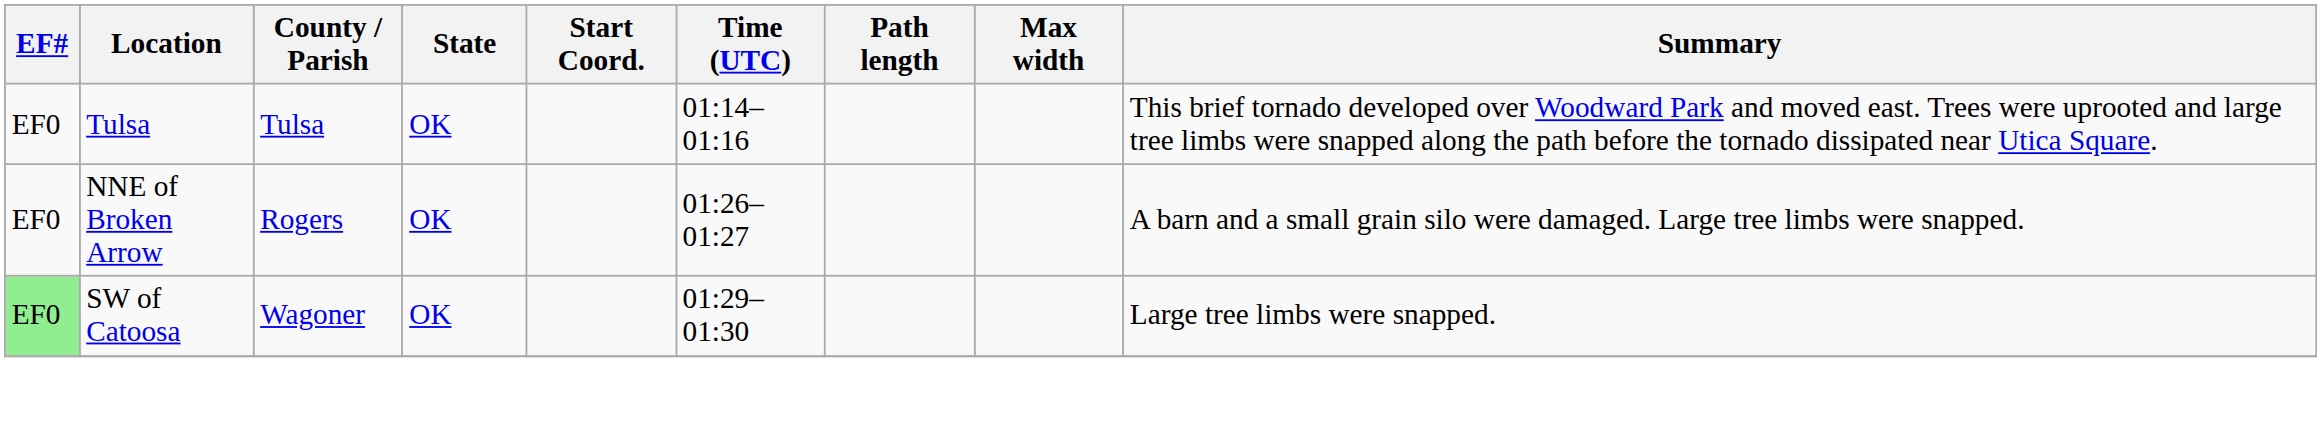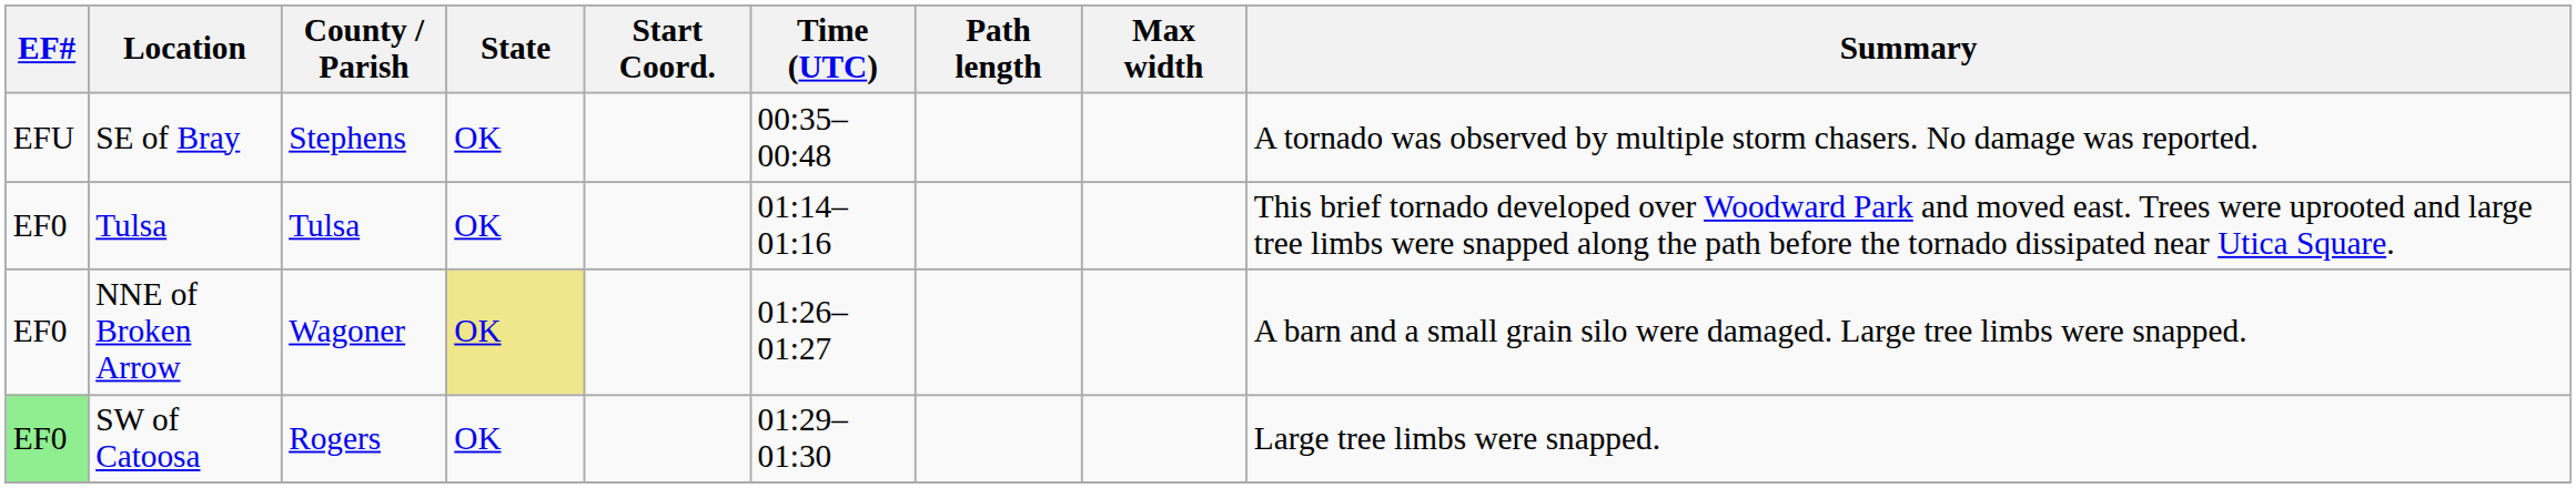 <table class="wikitable sortable" style="width:100%;">
 <tr>
 <th scope="col"  style="width:3%; text-align:center;"><a href='#'>EF#</a></th>
 <th scope="col"  style="width:7%; text-align:center;" class="unsortable">Location</th>
 <th scope="col"  style="width:6%; text-align:center;" class="unsortable">County / Parish</th>
 <th scope="col"  style="width:5%; text-align:center;">State</th>
 <th scope="col"  style="width:6%; text-align:center;">Start Coord.</th>
 <th scope="col"  style="width:6%; text-align:center;">Time (<a href='#'>UTC</a>)</th>
 <th scope="col"  style="width:6%; text-align:center;">Path length</th>
 <th scope="col"  style="width:6%; text-align:center;">Max width</th>
 <th scope="col" class="unsortable" style="width:48%; text-align:center;">Summary</th>
+</tr>
+<tr>
+<td>EFU</td>
+<td>SE of <a href='#'>Bray</a></td>
+<td><a href='#'>Stephens</a></td>
+<td><a href='#'>OK</a></td>
+<td></td>
+<td>00:35–00:48</td>
+<td></td>
+<td></td>
+<td>A tornado was observed by multiple storm chasers. No damage was reported.</td>
 </tr>
 <tr>
 <td>EF0</td>
 <td><a href='#'>Tulsa</a></td>
 <td><a href='#'>Tulsa</a></td>
 <td><a href='#'>OK</a></td>
 <td></td>
 <td>01:14–01:16</td>
 <td></td>
 <td></td>
 <td>This brief tornado developed over <a href='#'>Woodward Park</a> and moved east. Trees were uprooted and large tree limbs were snapped along the path before the tornado dissipated near <a href='#'>Utica Square</a>.</td>
 </tr>
 <tr>
 <td>EF0</td>
 <td>NNE of <a href='#'>Broken Arrow</a></td>
-<td><a href='#'>Rogers</a></td>
-<td><a href='#'>OK</a></td>
+<td><a href='#'>Wagoner</a></td>
+<td style="background: khaki;"><a href='#'>OK</a></td>
 <td></td>
 <td>01:26–01:27</td>
 <td></td>
 <td></td>
 <td>A barn and a small grain silo were damaged. Large tree limbs were snapped.</td>
 </tr>
 <tr>
 <td style="background: lightgreen;">EF0</td>
 <td>SW of <a href='#'>Catoosa</a></td>
-<td><a href='#'>Wagoner</a></td>
+<td><a href='#'>Rogers</a></td>
 <td><a href='#'>OK</a></td>
 <td></td>
 <td>01:29–01:30</td>
 <td></td>
 <td></td>
 <td>Large tree limbs were snapped.</td>
 </tr>
 <tr>
 </tr>
 </table>
